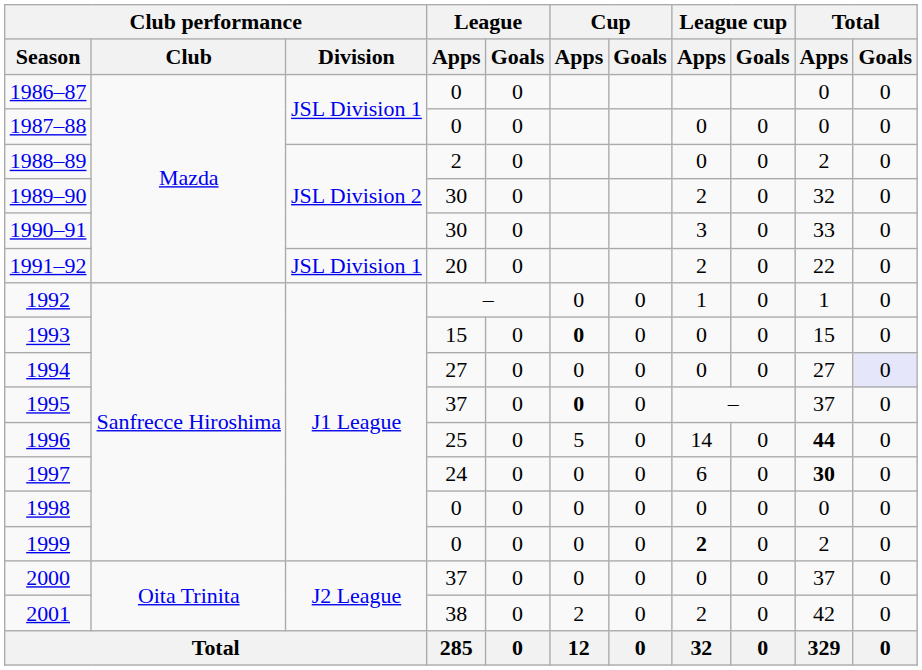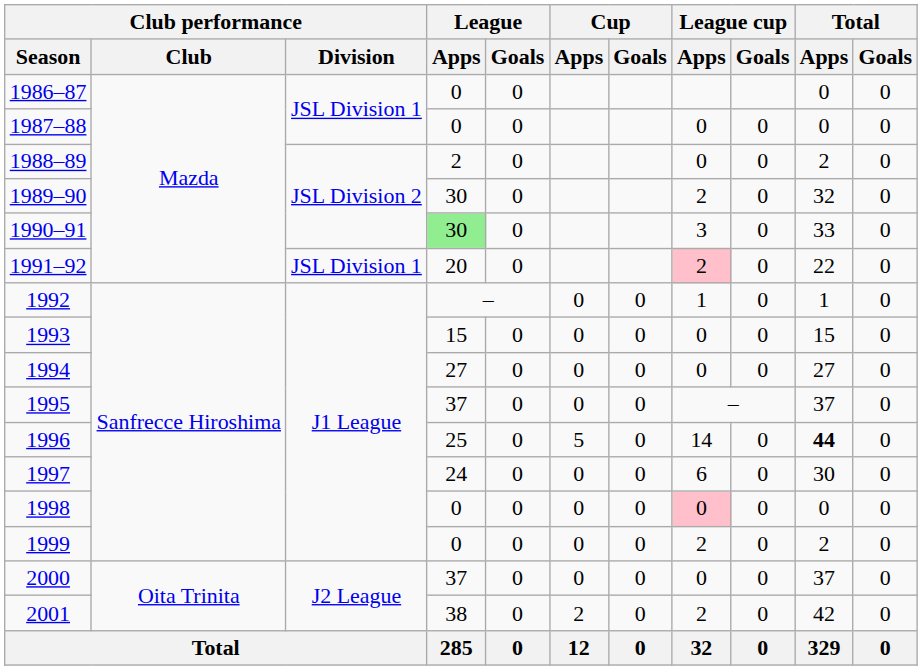 <table class="wikitable" style="text-align:center">
 <tr>
 <th colspan=3>Club performance</th>
 <th colspan=2>League</th>
 <th colspan=2>Cup</th>
 <th colspan=2>League cup</th>
 <th colspan=2>Total</th>
 </tr>
 <tr>
 <th>Season</th>
 <th>Club</th>
 <th>Division</th>
 <th>Apps</th>
 <th>Goals</th>
 <th>Apps</th>
 <th>Goals</th>
 <th>Apps</th>
 <th>Goals</th>
 <th>Apps</th>
 <th>Goals</th>
 </tr>
 <tr>
 <td><a href='#'>1986–87</a></td>
 <td rowspan="6"><a href='#'>Mazda</a></td>
 <td rowspan="2"><a href='#'>JSL Division 1</a></td>
 <td>0</td>
 <td>0</td>
 <td></td>
 <td></td>
 <td></td>
 <td></td>
 <td>0</td>
 <td>0</td>
 </tr>
 <tr>
 <td><a href='#'>1987–88</a></td>
 <td>0</td>
 <td>0</td>
 <td></td>
 <td></td>
 <td>0</td>
 <td>0</td>
 <td>0</td>
 <td>0</td>
 </tr>
 <tr>
 <td><a href='#'>1988–89</a></td>
 <td rowspan="3"><a href='#'>JSL Division 2</a></td>
 <td>2</td>
 <td>0</td>
 <td></td>
 <td></td>
 <td>0</td>
 <td>0</td>
 <td>2</td>
 <td>0</td>
 </tr>
 <tr>
 <td><a href='#'>1989–90</a></td>
 <td>30</td>
 <td>0</td>
 <td></td>
 <td></td>
 <td>2</td>
 <td>0</td>
 <td>32</td>
 <td>0</td>
 </tr>
 <tr>
 <td><a href='#'>1990–91</a></td>
-<td>30</td>
+<td style="background: lightgreen;">30</td>
 <td>0</td>
 <td></td>
 <td></td>
 <td>3</td>
 <td>0</td>
 <td>33</td>
 <td>0</td>
 </tr>
 <tr>
 <td><a href='#'>1991–92</a></td>
 <td><a href='#'>JSL Division 1</a></td>
 <td>20</td>
 <td>0</td>
 <td></td>
 <td></td>
-<td>2</td>
+<td style="background: pink;">2</td>
 <td>0</td>
 <td>22</td>
 <td>0</td>
 </tr>
 <tr>
 <td><a href='#'>1992</a></td>
 <td rowspan="8"><a href='#'>Sanfrecce Hiroshima</a></td>
 <td rowspan="8"><a href='#'>J1 League</a></td>
 <td colspan="2">–</td>
 <td>0</td>
 <td>0</td>
 <td>1</td>
 <td>0</td>
 <td>1</td>
 <td>0</td>
 </tr>
 <tr>
 <td><a href='#'>1993</a></td>
 <td>15</td>
 <td>0</td>
-<td><strong>0</strong></td>
+<td>0</td>
 <td>0</td>
 <td>0</td>
 <td>0</td>
 <td>15</td>
 <td>0</td>
 </tr>
 <tr>
 <td><a href='#'>1994</a></td>
 <td>27</td>
 <td>0</td>
 <td>0</td>
 <td>0</td>
 <td>0</td>
 <td>0</td>
 <td>27</td>
-<td style="background: lavender;">0</td>
+<td>0</td>
 </tr>
 <tr>
 <td><a href='#'>1995</a></td>
 <td>37</td>
 <td>0</td>
-<td><strong>0</strong></td>
+<td>0</td>
 <td>0</td>
 <td colspan="2">–</td>
 <td>37</td>
 <td>0</td>
 </tr>
 <tr>
 <td><a href='#'>1996</a></td>
 <td>25</td>
 <td>0</td>
 <td>5</td>
 <td>0</td>
 <td>14</td>
 <td>0</td>
 <td><strong>44</strong></td>
 <td>0</td>
 </tr>
 <tr>
 <td><a href='#'>1997</a></td>
 <td>24</td>
 <td>0</td>
 <td>0</td>
 <td>0</td>
 <td>6</td>
 <td>0</td>
-<td><strong>30</strong></td>
+<td>30</td>
 <td>0</td>
 </tr>
 <tr>
 <td><a href='#'>1998</a></td>
 <td>0</td>
 <td>0</td>
 <td>0</td>
 <td>0</td>
-<td>0</td>
+<td style="background: pink;">0</td>
 <td>0</td>
 <td>0</td>
 <td>0</td>
 </tr>
 <tr>
 <td><a href='#'>1999</a></td>
 <td>0</td>
 <td>0</td>
 <td>0</td>
 <td>0</td>
-<td><strong>2</strong></td>
+<td>2</td>
 <td>0</td>
 <td>2</td>
 <td>0</td>
 </tr>
 <tr>
 <td><a href='#'>2000</a></td>
 <td rowspan="2"><a href='#'>Oita Trinita</a></td>
 <td rowspan="2"><a href='#'>J2 League</a></td>
 <td>37</td>
 <td>0</td>
 <td>0</td>
 <td>0</td>
 <td>0</td>
 <td>0</td>
 <td>37</td>
 <td>0</td>
 </tr>
 <tr>
 <td><a href='#'>2001</a></td>
 <td>38</td>
 <td>0</td>
 <td>2</td>
 <td>0</td>
 <td>2</td>
 <td>0</td>
 <td>42</td>
 <td>0</td>
 </tr>
 <tr>
 <th colspan=3>Total</th>
 <th>285</th>
 <th>0</th>
 <th>12</th>
 <th>0</th>
 <th>32</th>
 <th>0</th>
 <th>329</th>
 <th>0</th>
 </tr>
 </table>
